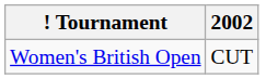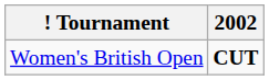 <table class="wikitable" style="font-size:95%;text-align:center;">
 <tr>
 <th>! Tournament</th>
 <th>2002</th>
 </tr>
 <tr>
 <td align=left><a href='#'>Women's British Open</a></td>
-<td>CUT</td>
+<td><strong>CUT</strong></td>
 </tr>
 </table>
